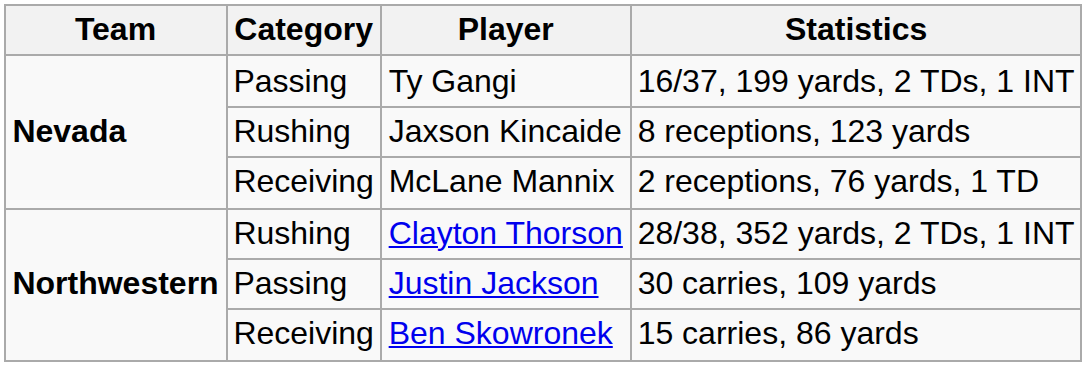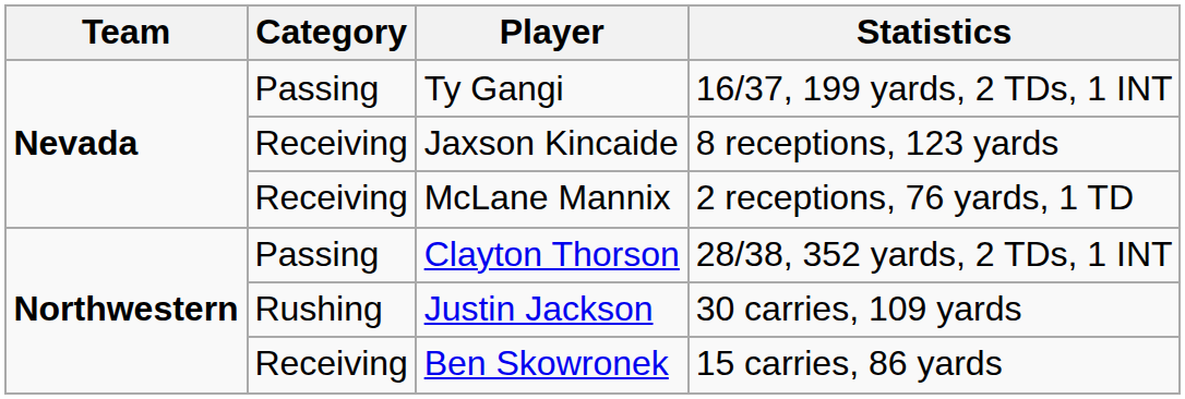 <table class="wikitable" style="float: left;">
 <tr>
 <th>Team</th>
 <th>Category</th>
 <th>Player</th>
 <th>Statistics</th>
 </tr>
 <tr>
 <td rowspan=3><strong>Nevada</strong></td>
 <td>Passing</td>
 <td>Ty Gangi</td>
 <td>16/37, 199 yards, 2 TDs, 1 INT</td>
 </tr>
 <tr>
-<td>Rushing</td>
+<td>Receiving</td>
 <td>Jaxson Kincaide</td>
 <td>8 receptions, 123 yards</td>
 </tr>
 <tr>
 <td>Receiving</td>
 <td>McLane Mannix</td>
 <td>2 receptions, 76 yards, 1 TD</td>
 </tr>
 <tr>
 <td rowspan=3><strong>Northwestern</strong></td>
-<td>Rushing</td>
+<td>Passing</td>
 <td><a href='#'>Clayton Thorson</a></td>
 <td>28/38, 352 yards, 2 TDs, 1 INT</td>
 </tr>
 <tr>
-<td>Passing</td>
+<td>Rushing</td>
 <td><a href='#'>Justin Jackson</a></td>
 <td>30 carries, 109 yards</td>
 </tr>
 <tr>
 <td>Receiving</td>
 <td><a href='#'>Ben Skowronek</a></td>
 <td>15 carries, 86 yards</td>
 </tr>
 </table>
